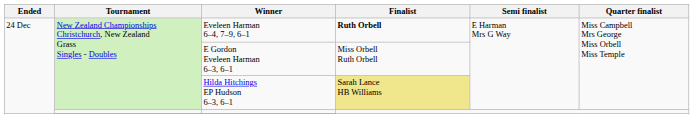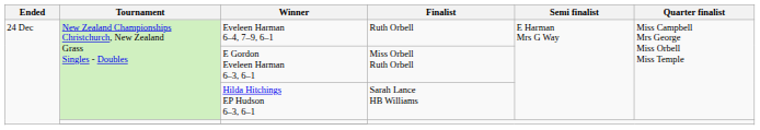 <table class="wikitable" style="font-size:85%;">
 <tr>
 <th width="75">Ended</th>
 <th width="230">Tournament</th>
 <th width="210">Winner</th>
 <th width="210">Finalist</th>
 <th width="170">Semi finalist</th>
 <th width="170">Quarter finalist</th>
 </tr>
 <tr valign=top>
 <td rowspan=6>24 Dec</td>
 <td style="background:#d0f0c0" rowspan=3><a href='#'>New Zealand Championships</a> <br><a href='#'>Christchurch</a>, New Zealand<br>Grass<br><a href='#'>Singles</a> - <a href='#'>Doubles</a></td>
 <td>  Eveleen Harman<br>6–4, 7–9, 6–1</td>
-<td><strong> Ruth Orbell</strong></td>
+<td> Ruth Orbell</td>
 <td rowspan=3>  E Harman <br> Mrs G Way</td>
 <td rowspan=3> Miss Campbell<br> Mrs George<br> Miss Orbell<br> Miss Temple</td>
 </tr>
 <tr valign=top>
 <td> E Gordon<br>  Eveleen Harman<br>6–3, 6–1</td>
 <td> Miss Orbell<br> Ruth Orbell</td>
 </tr>
 <tr valign=top>
 <td> <a href='#'>Hilda Hitchings</a><br> EP Hudson<br>6–3, 6–1</td>
-<td style="background: khaki;"> Sarah Lance<br> HB Williams</td>
+<td> Sarah Lance<br> HB Williams</td>
 </tr>
 <tr valign=top>
 <td></td>
 <td></td>
 </tr>
 <tr valign=top>
 </tr>
 </table>
